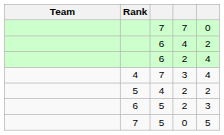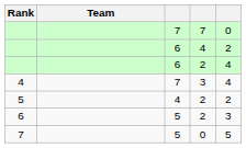 <table class="wikitable" style="text-align: center;">
 <tr>
+<th width=40>Rank</th>
 <th width=180>Team</th>
-<th width=40>Rank</th>
 <th width=30></th>
 <th width=30></th>
 <th width=30></th>
 </tr>
 <tr bgcolor=ccffcc>
+<td></td>
 <td align=left></td>
-<td></td>
 <td>7</td>
 <td>7</td>
 <td>0</td>
 </tr>
 <tr bgcolor=ccffcc>
+<td></td>
 <td align=left></td>
-<td></td>
 <td>6</td>
 <td>4</td>
 <td>2</td>
 </tr>
 <tr bgcolor=ccffcc>
+<td></td>
 <td align=left></td>
-<td></td>
 <td>6</td>
 <td>2</td>
 <td>4</td>
 </tr>
 <tr>
+<td>4</td>
 <td align=left></td>
-<td>4</td>
 <td>7</td>
 <td>3</td>
 <td>4</td>
 </tr>
 <tr>
+<td>5</td>
 <td align=left></td>
-<td>5</td>
 <td>4</td>
 <td>2</td>
 <td>2</td>
 </tr>
 <tr>
+<td>6</td>
 <td align=left></td>
-<td>6</td>
 <td>5</td>
 <td>2</td>
 <td>3</td>
 </tr>
 <tr>
+<td>7</td>
 <td align=left></td>
-<td>7</td>
 <td>5</td>
 <td>0</td>
 <td>5</td>
 </tr>
 </table>
